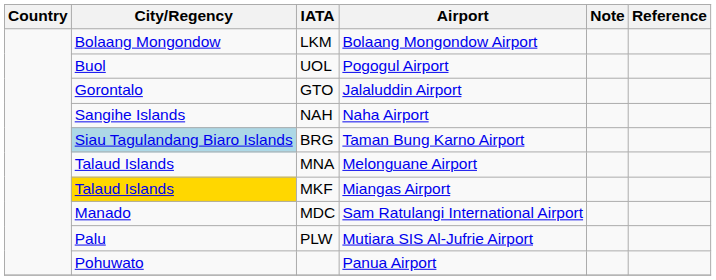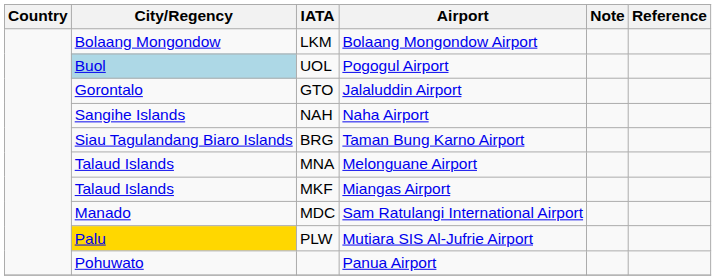 <table class="wikitable">
 <tr>
 <th>Country</th>
 <th>City/Regency</th>
 <th>IATA</th>
 <th>Airport</th>
 <th>Note</th>
 <th>Reference</th>
 </tr>
 <tr>
 <td rowspan="10"></td>
 <td><a href='#'>Bolaang Mongondow</a></td>
 <td>LKM</td>
 <td><a href='#'>Bolaang Mongondow Airport</a></td>
 <td></td>
 <td></td>
 </tr>
 <tr>
-<td><a href='#'>Buol</a></td>
+<td style="background: lightblue;"><a href='#'>Buol</a></td>
 <td>UOL</td>
 <td><a href='#'>Pogogul Airport</a></td>
 <td></td>
 <td></td>
 </tr>
 <tr>
 <td><a href='#'>Gorontalo</a></td>
 <td>GTO</td>
 <td><a href='#'>Jalaluddin Airport</a></td>
 <td></td>
 <td></td>
 </tr>
 <tr>
 <td><a href='#'>Sangihe Islands</a></td>
 <td>NAH</td>
 <td><a href='#'>Naha Airport</a></td>
 <td></td>
 <td></td>
 </tr>
 <tr>
-<td style="background: lightblue;"><a href='#'>Siau Tagulandang Biaro Islands</a></td>
+<td><a href='#'>Siau Tagulandang Biaro Islands</a></td>
 <td>BRG</td>
 <td><a href='#'>Taman Bung Karno Airport</a></td>
 <td></td>
 <td></td>
 </tr>
 <tr>
 <td><a href='#'>Talaud Islands</a></td>
 <td>MNA</td>
 <td><a href='#'>Melonguane Airport</a></td>
 <td></td>
 <td></td>
 </tr>
 <tr>
-<td style="background: gold;"><a href='#'>Talaud Islands</a></td>
+<td><a href='#'>Talaud Islands</a></td>
 <td>MKF</td>
 <td><a href='#'>Miangas Airport</a></td>
 <td></td>
 <td></td>
 </tr>
 <tr>
 <td><a href='#'>Manado</a></td>
 <td>MDC</td>
 <td><a href='#'>Sam Ratulangi International Airport</a></td>
 <td></td>
 <td></td>
 </tr>
 <tr>
-<td><a href='#'>Palu</a></td>
+<td style="background: gold;"><a href='#'>Palu</a></td>
 <td>PLW</td>
 <td><a href='#'>Mutiara SIS Al-Jufrie Airport</a></td>
 <td></td>
 <td></td>
 </tr>
 <tr>
 <td><a href='#'>Pohuwato</a></td>
 <td></td>
 <td><a href='#'>Panua Airport</a></td>
 <td></td>
 <td></td>
 </tr>
 <tr>
 </tr>
 </table>
